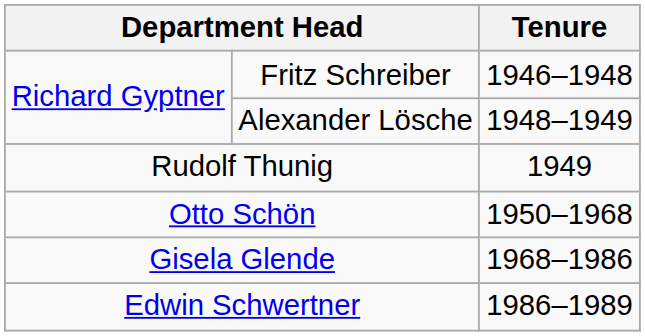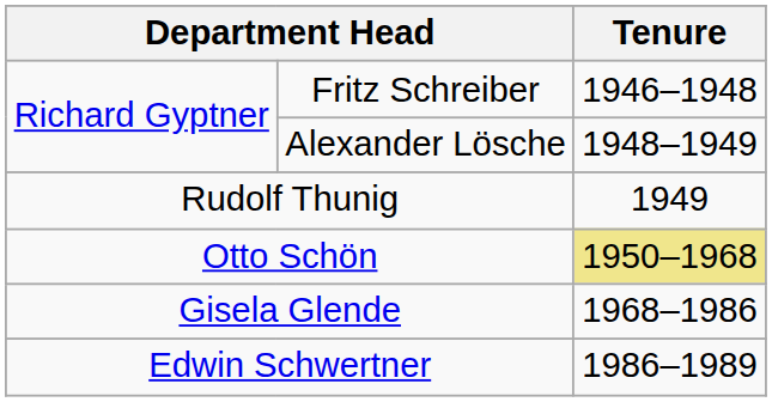 <table class="wikitable" style="text-align: center;">
 <tr>
 <th colspan="2">Department Head</th>
 <th>Tenure</th>
 </tr>
 <tr>
 <td rowspan="2"><a href='#'>Richard Gyptner</a></td>
 <td>Fritz Schreiber</td>
 <td>1946–1948</td>
 </tr>
 <tr>
 <td>Alexander Lösche</td>
 <td>1948–1949</td>
 </tr>
 <tr>
 <td colspan="2">Rudolf Thunig</td>
 <td>1949</td>
 </tr>
 <tr>
 <td colspan="2"><a href='#'>Otto Schön</a></td>
-<td>1950–1968</td>
+<td style="background: khaki;">1950–1968</td>
 </tr>
 <tr>
 <td colspan="2"><a href='#'>Gisela Glende</a></td>
 <td>1968–1986</td>
 </tr>
 <tr>
 <td colspan="2"><a href='#'>Edwin Schwertner</a></td>
 <td>1986–1989</td>
 </tr>
 </table>
